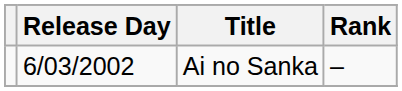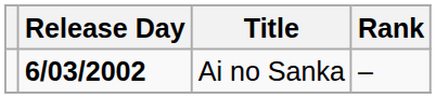 <table class=wikitable style="font-size:small">
 <tr>
 <th></th>
 <th>Release Day</th>
 <th>Title</th>
 <th>Rank</th>
 </tr>
 <tr>
 <td></td>
-<td>6/03/2002</td>
+<td><strong>6/03/2002</strong></td>
 <td>Ai no Sanka</td>
 <td>–</td>
 </tr>
 <tr>
 </tr>
 </table>
